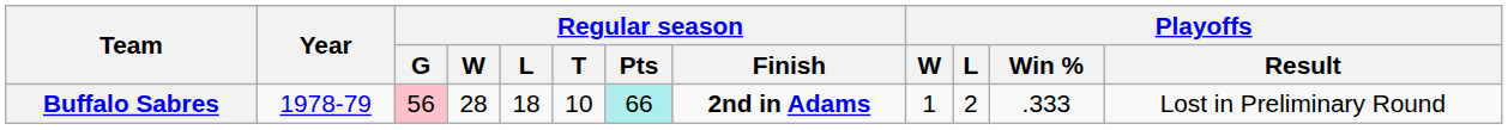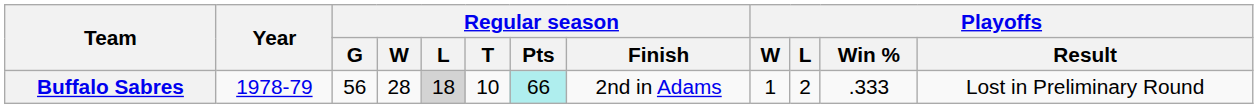 <table class="wikitable" style="font-size: 95%; text-align:center; width:60em;">
 <tr>
 <th rowspan="2">Team</th>
 <th rowspan="2">Year</th>
 <th colspan="6"><a href='#'>Regular season</a></th>
 <th colspan="4"><a href='#'>Playoffs</a></th>
 </tr>
 <tr>
 <th>G</th>
 <th>W</th>
 <th>L</th>
 <th>T</th>
 <th>Pts</th>
 <th>Finish</th>
 <th>W</th>
 <th>L</th>
 <th>Win %</th>
 <th>Result</th>
 </tr>
 <tr>
 <th><a href='#'>Buffalo Sabres</a></th>
 <td><a href='#'>1978-79</a></td>
-<td style="background: pink;">56</td>
+<td>56</td>
 <td>28</td>
-<td>18</td>
+<td style="background: lightgrey;">18</td>
 <td>10</td>
 <td style="background: paleturquoise;">66</td>
-<td><strong>2nd in <a href='#'>Adams</a></strong></td>
+<td>2nd in <a href='#'>Adams</a></td>
 <td>1</td>
 <td>2</td>
 <td>.333</td>
 <td>Lost in Preliminary Round</td>
 </tr>
 </table>
